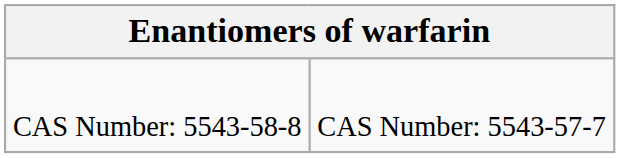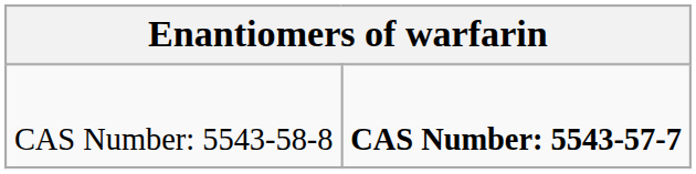 <table class="wikitable" style="text-align:center">
 <tr class="hintergrundfarbe6">
 <th colspan="2">Enantiomers of warfarin</th>
 </tr>
 <tr>
 <td><br><small> CAS Number: 5543-58-8</small></td>
-<td><br><small> CAS Number: 5543-57-7</small></td>
+<td><strong><br><small> CAS Number: 5543-57-7</small></strong></td>
 </tr>
 </table>
